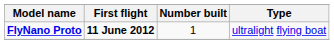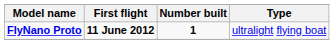 <table class="wikitable" align=center style="font-size:90%;">
 <tr>
 </tr>
 <tr style="background:#efefef;">
 <th>Model name</th>
 <th>First flight</th>
 <th>Number built</th>
 <th>Type</th>
 </tr>
 <tr>
 <td align=left><strong><a href='#'>FlyNano Proto</a></strong></td>
 <td align=center><strong>11 June 2012</strong></td>
-<td align=center>1</td>
+<td align=center><strong>1</strong></td>
 <td align=left><a href='#'>ultralight</a> <a href='#'>flying boat</a></td>
 </tr>
 <tr>
 </tr>
 </table>
